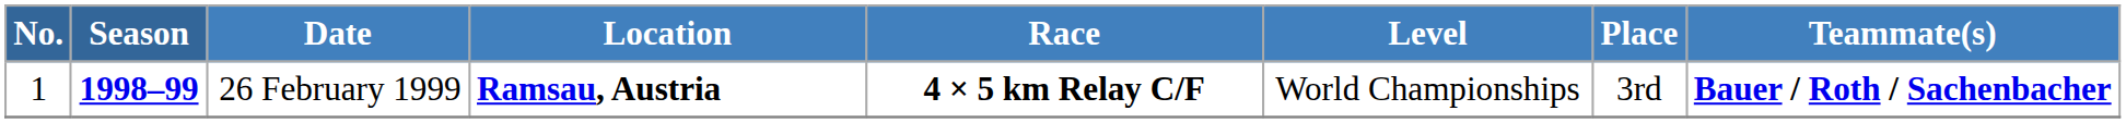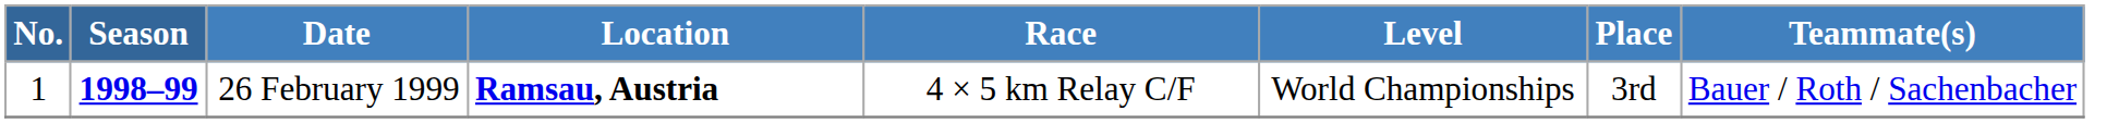 <table class="wikitable sortable" style="font-size:95%; text-align:center; border:grey solid 1px; border-collapse:collapse; background:#ffffff;">
 <tr style="background:#efefef;">
 <th style="background-color:#369; color:white;">No.</th>
 <th style="background-color:#369; color:white;">Season</th>
 <th style="background-color:#4180be; color:white; width:110px;">Date</th>
 <th style="background-color:#4180be; color:white; width:170px;">Location</th>
 <th style="background-color:#4180be; color:white; width:170px;">Race</th>
 <th style="background-color:#4180be; color:white; width:140px;">Level</th>
 <th style="background-color:#4180be; color:white;">Place</th>
 <th style="background-color:#4180be; color:white;">Teammate(s)</th>
 </tr>
 <tr>
 <td align=center>1</td>
 <td rowspan=1 align=center><strong><a href='#'>1998–99</a></strong></td>
 <td align=right>26 February 1999</td>
 <td align=left><strong> <a href='#'>Ramsau</a>, Austria</strong></td>
-<td><strong>4 × 5 km Relay C/F</strong></td>
+<td>4 × 5 km Relay C/F</td>
 <td>World Championships</td>
 <td>3rd</td>
-<td><strong><a href='#'>Bauer</a> / <a href='#'>Roth</a> / <a href='#'>Sachenbacher</a></strong></td>
+<td><a href='#'>Bauer</a> / <a href='#'>Roth</a> / <a href='#'>Sachenbacher</a></td>
 </tr>
 <tr>
 </tr>
 </table>
